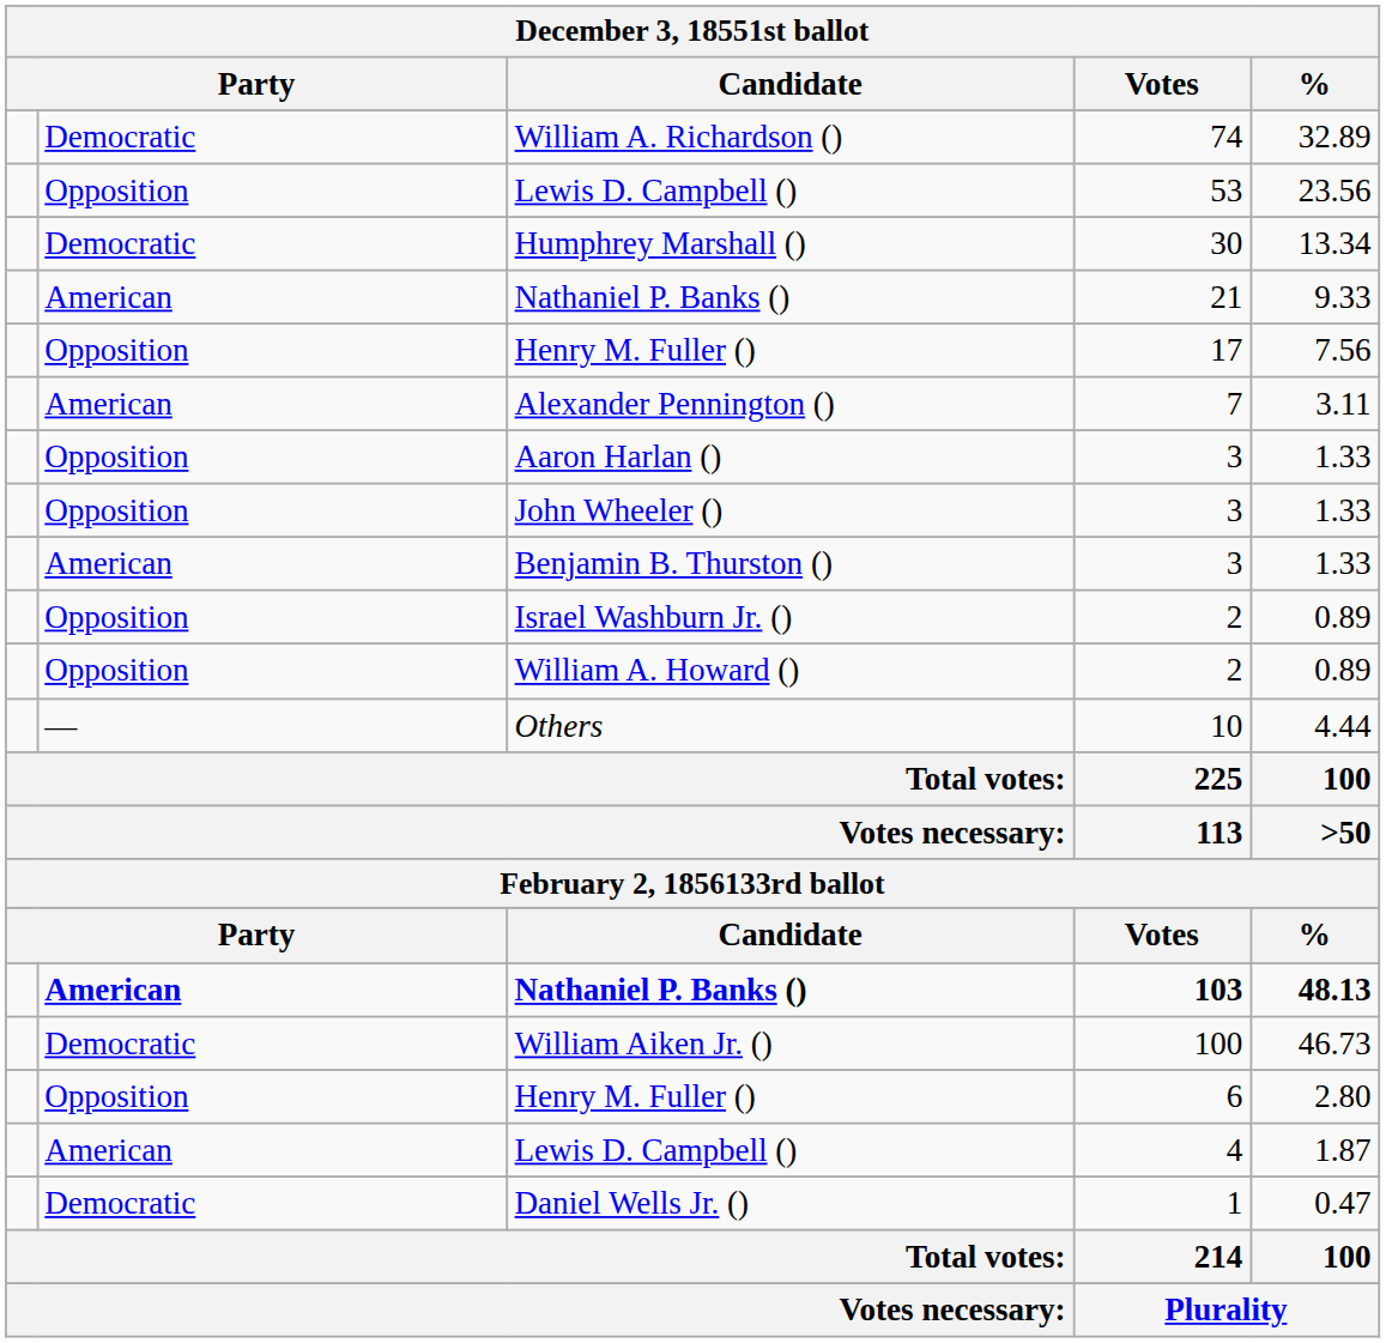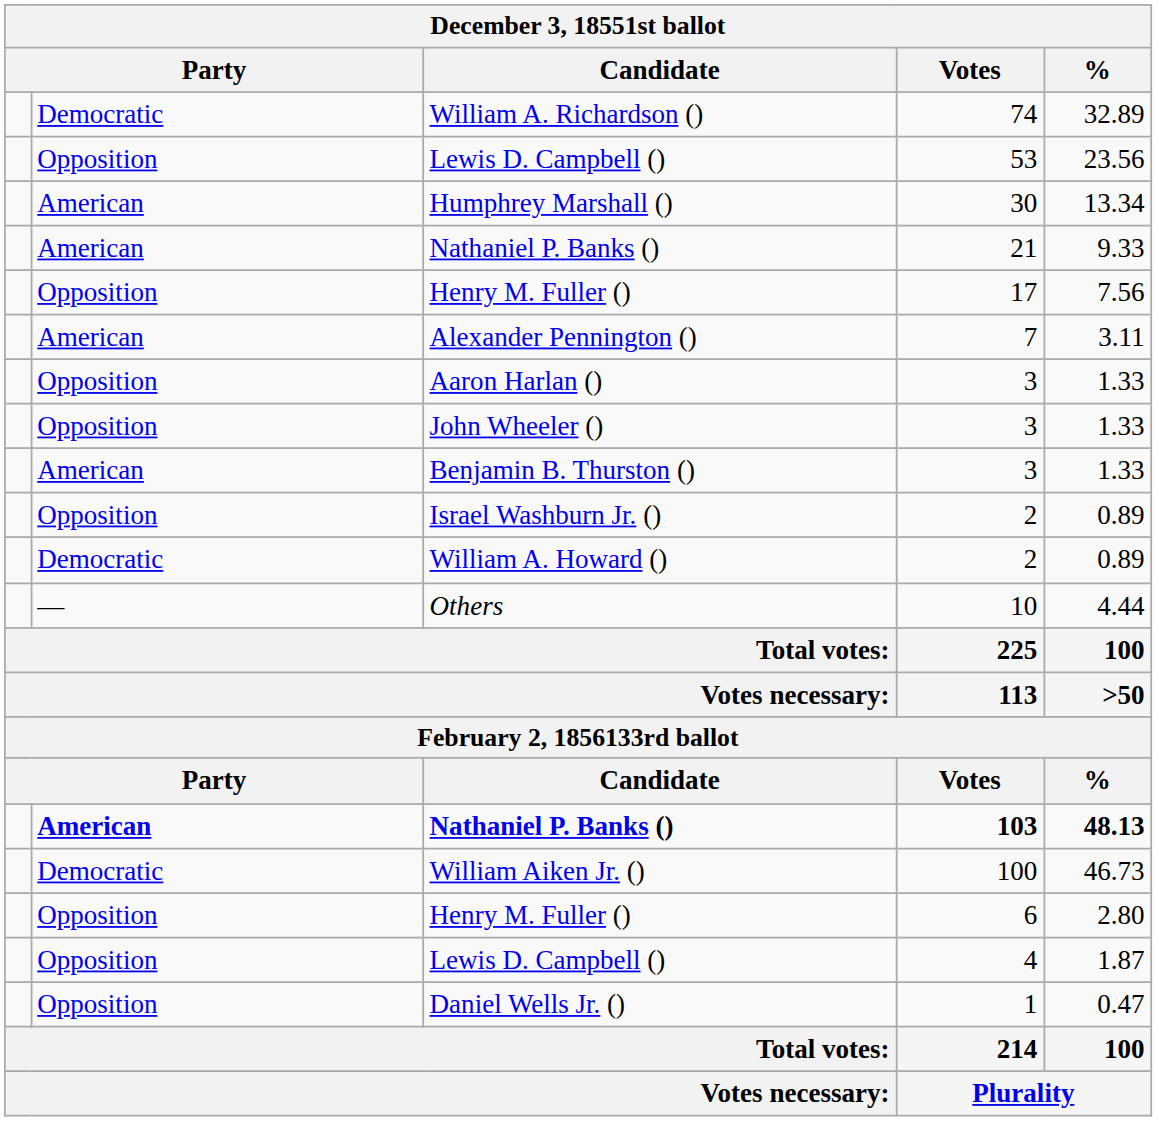 <table class="wikitable" style="margin-right:1em; font-size:95%">
 <tr>
 <th colspan=5 style="font-size:95%">December 3, 18551st ballot</th>
 </tr>
 <tr>
 <th scope="col" colspan="2" style="width: 15em">Party</th>
 <th scope="col" style="width: 17em">Candidate</th>
 <th scope="col" style="width: 5em">Votes</th>
 <th scope="col" style="width: 3.5em">%</th>
 </tr>
 <tr>
 <td style="width: 0.5em; background:"></td>
 <td><a href='#'>Democratic</a></td>
 <td><a href='#'>William A. Richardson</a> ()</td>
 <td style="text-align:right">74</td>
 <td style="text-align:right">32.89</td>
 </tr>
 <tr>
 <td></td>
 <td><a href='#'>Opposition</a></td>
 <td><a href='#'>Lewis D. Campbell</a> ()</td>
 <td style="text-align:right">53</td>
 <td style="text-align:right">23.56</td>
 </tr>
 <tr>
 <td style="background:"></td>
-<td><a href='#'>Democratic</a></td>
+<td><a href='#'>American</a></td>
 <td><a href='#'>Humphrey Marshall</a> ()</td>
 <td style="text-align:right">30</td>
 <td style="text-align:right">13.34</td>
 </tr>
 <tr>
 <td style="background:"></td>
 <td><a href='#'>American</a></td>
 <td><a href='#'>Nathaniel P. Banks</a> ()</td>
 <td style="text-align:right">21</td>
 <td style="text-align:right">9.33</td>
 </tr>
 <tr>
 <td></td>
 <td><a href='#'>Opposition</a></td>
 <td><a href='#'>Henry M. Fuller</a> ()</td>
 <td style="text-align:right">17</td>
 <td style="text-align:right">7.56</td>
 </tr>
 <tr>
 <td></td>
 <td><a href='#'>American</a></td>
 <td><a href='#'>Alexander Pennington</a> ()</td>
 <td style="text-align:right">7</td>
 <td style="text-align:right">3.11</td>
 </tr>
 <tr>
 <td></td>
 <td><a href='#'>Opposition</a></td>
 <td><a href='#'>Aaron Harlan</a> ()</td>
 <td style="text-align:right">3</td>
 <td style="text-align:right">1.33</td>
 </tr>
 <tr>
 <td style="background:"></td>
 <td><a href='#'>Opposition</a></td>
 <td><a href='#'>John Wheeler</a> ()</td>
 <td style="text-align:right">3</td>
 <td style="text-align:right">1.33</td>
 </tr>
 <tr>
 <td style="background:"></td>
 <td><a href='#'>American</a></td>
 <td><a href='#'>Benjamin B. Thurston</a> ()</td>
 <td style="text-align:right">3</td>
 <td style="text-align:right">1.33</td>
 </tr>
 <tr>
 <td></td>
 <td><a href='#'>Opposition</a></td>
 <td><a href='#'>Israel Washburn Jr.</a> ()</td>
 <td style="text-align:right">2</td>
 <td style="text-align:right">0.89</td>
 </tr>
 <tr>
 <td></td>
-<td><a href='#'>Opposition</a></td>
+<td><a href='#'>Democratic</a></td>
 <td><a href='#'>William A. Howard</a> ()</td>
 <td style="text-align:right">2</td>
 <td style="text-align:right">0.89</td>
 </tr>
 <tr>
 <td style="background:"></td>
 <td>—</td>
 <td><em>Others</em></td>
 <td style="text-align:right">10</td>
 <td style="text-align:right">4.44</td>
 </tr>
 <tr>
 <th colspan=3 style="text-align:right">Total votes:</th>
 <td style="text-align:right; background:#f5f5f5"><strong>225</strong></td>
 <td style="text-align:right; background:#f5f5f5"><strong>100</strong></td>
 </tr>
 <tr>
 <th colspan=3 style="text-align:right">Votes necessary:</th>
 <td style="text-align:right; background:#f5f5f5"><strong>113</strong></td>
 <td style="text-align:right; background:#f5f5f5"><strong>>50</strong></td>
 </tr>
 <tr>
 <th colspan=5 style="font-size:95%">February 2, 1856133rd ballot</th>
 </tr>
 <tr>
 <th scope="col" colspan="2" style="width: 15em">Party</th>
 <th scope="col" style="width: 17em">Candidate</th>
 <th scope="col" style="width: 5em">Votes</th>
 <th scope="col" style="width: 3.5em">%</th>
 </tr>
 <tr>
 <td style="background:"></td>
 <td><strong><a href='#'>American</a></strong></td>
 <td><strong><a href='#'>Nathaniel P. Banks</a> ()</strong></td>
 <td style="text-align:right"><strong>103</strong></td>
 <td style="text-align:right"><strong>48.13</strong></td>
 </tr>
 <tr>
 <td style="background:"></td>
 <td><a href='#'>Democratic</a></td>
 <td><a href='#'>William Aiken Jr.</a> ()</td>
 <td style="text-align:right">100</td>
 <td style="text-align:right">46.73</td>
 </tr>
 <tr>
 <td></td>
 <td><a href='#'>Opposition</a></td>
 <td><a href='#'>Henry M. Fuller</a> ()</td>
 <td style="text-align:right">6</td>
 <td style="text-align:right">2.80</td>
 </tr>
 <tr>
 <td></td>
-<td><a href='#'>American</a></td>
+<td><a href='#'>Opposition</a></td>
 <td><a href='#'>Lewis D. Campbell</a> ()</td>
 <td style="text-align:right">4</td>
 <td style="text-align:right">1.87</td>
 </tr>
 <tr>
 <td style="background:"></td>
-<td><a href='#'>Democratic</a></td>
+<td><a href='#'>Opposition</a></td>
 <td><a href='#'>Daniel Wells Jr.</a> ()</td>
 <td style="text-align:right">1</td>
 <td style="text-align:right">0.47</td>
 </tr>
 <tr>
 <th colspan=3 style="text-align:right">Total votes:</th>
 <td style="text-align:right; background:#f5f5f5"><strong>214</strong></td>
 <td style="text-align:right; background:#f5f5f5"><strong>100</strong></td>
 </tr>
 <tr>
 <th colspan=3 style="text-align:right">Votes necessary:</th>
 <th colspan=2 style="background:#f5f5f5"><a href='#'>Plurality</a></th>
 </tr>
 </table>
